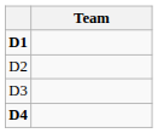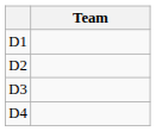 <table class="wikitable" style="display:inline-table;">
 <tr>
 <th></th>
 <th width=120>Team</th>
 </tr>
 <tr>
-<td align=center><strong>D1</strong></td>
+<td align=center>D1</td>
 <td></td>
 </tr>
 <tr>
 <td align=center>D2</td>
 <td></td>
 </tr>
 <tr>
 <td align=center>D3</td>
 <td></td>
 </tr>
 <tr>
-<td align=center><strong>D4</strong></td>
+<td align=center>D4</td>
 <td></td>
 </tr>
 </table>
